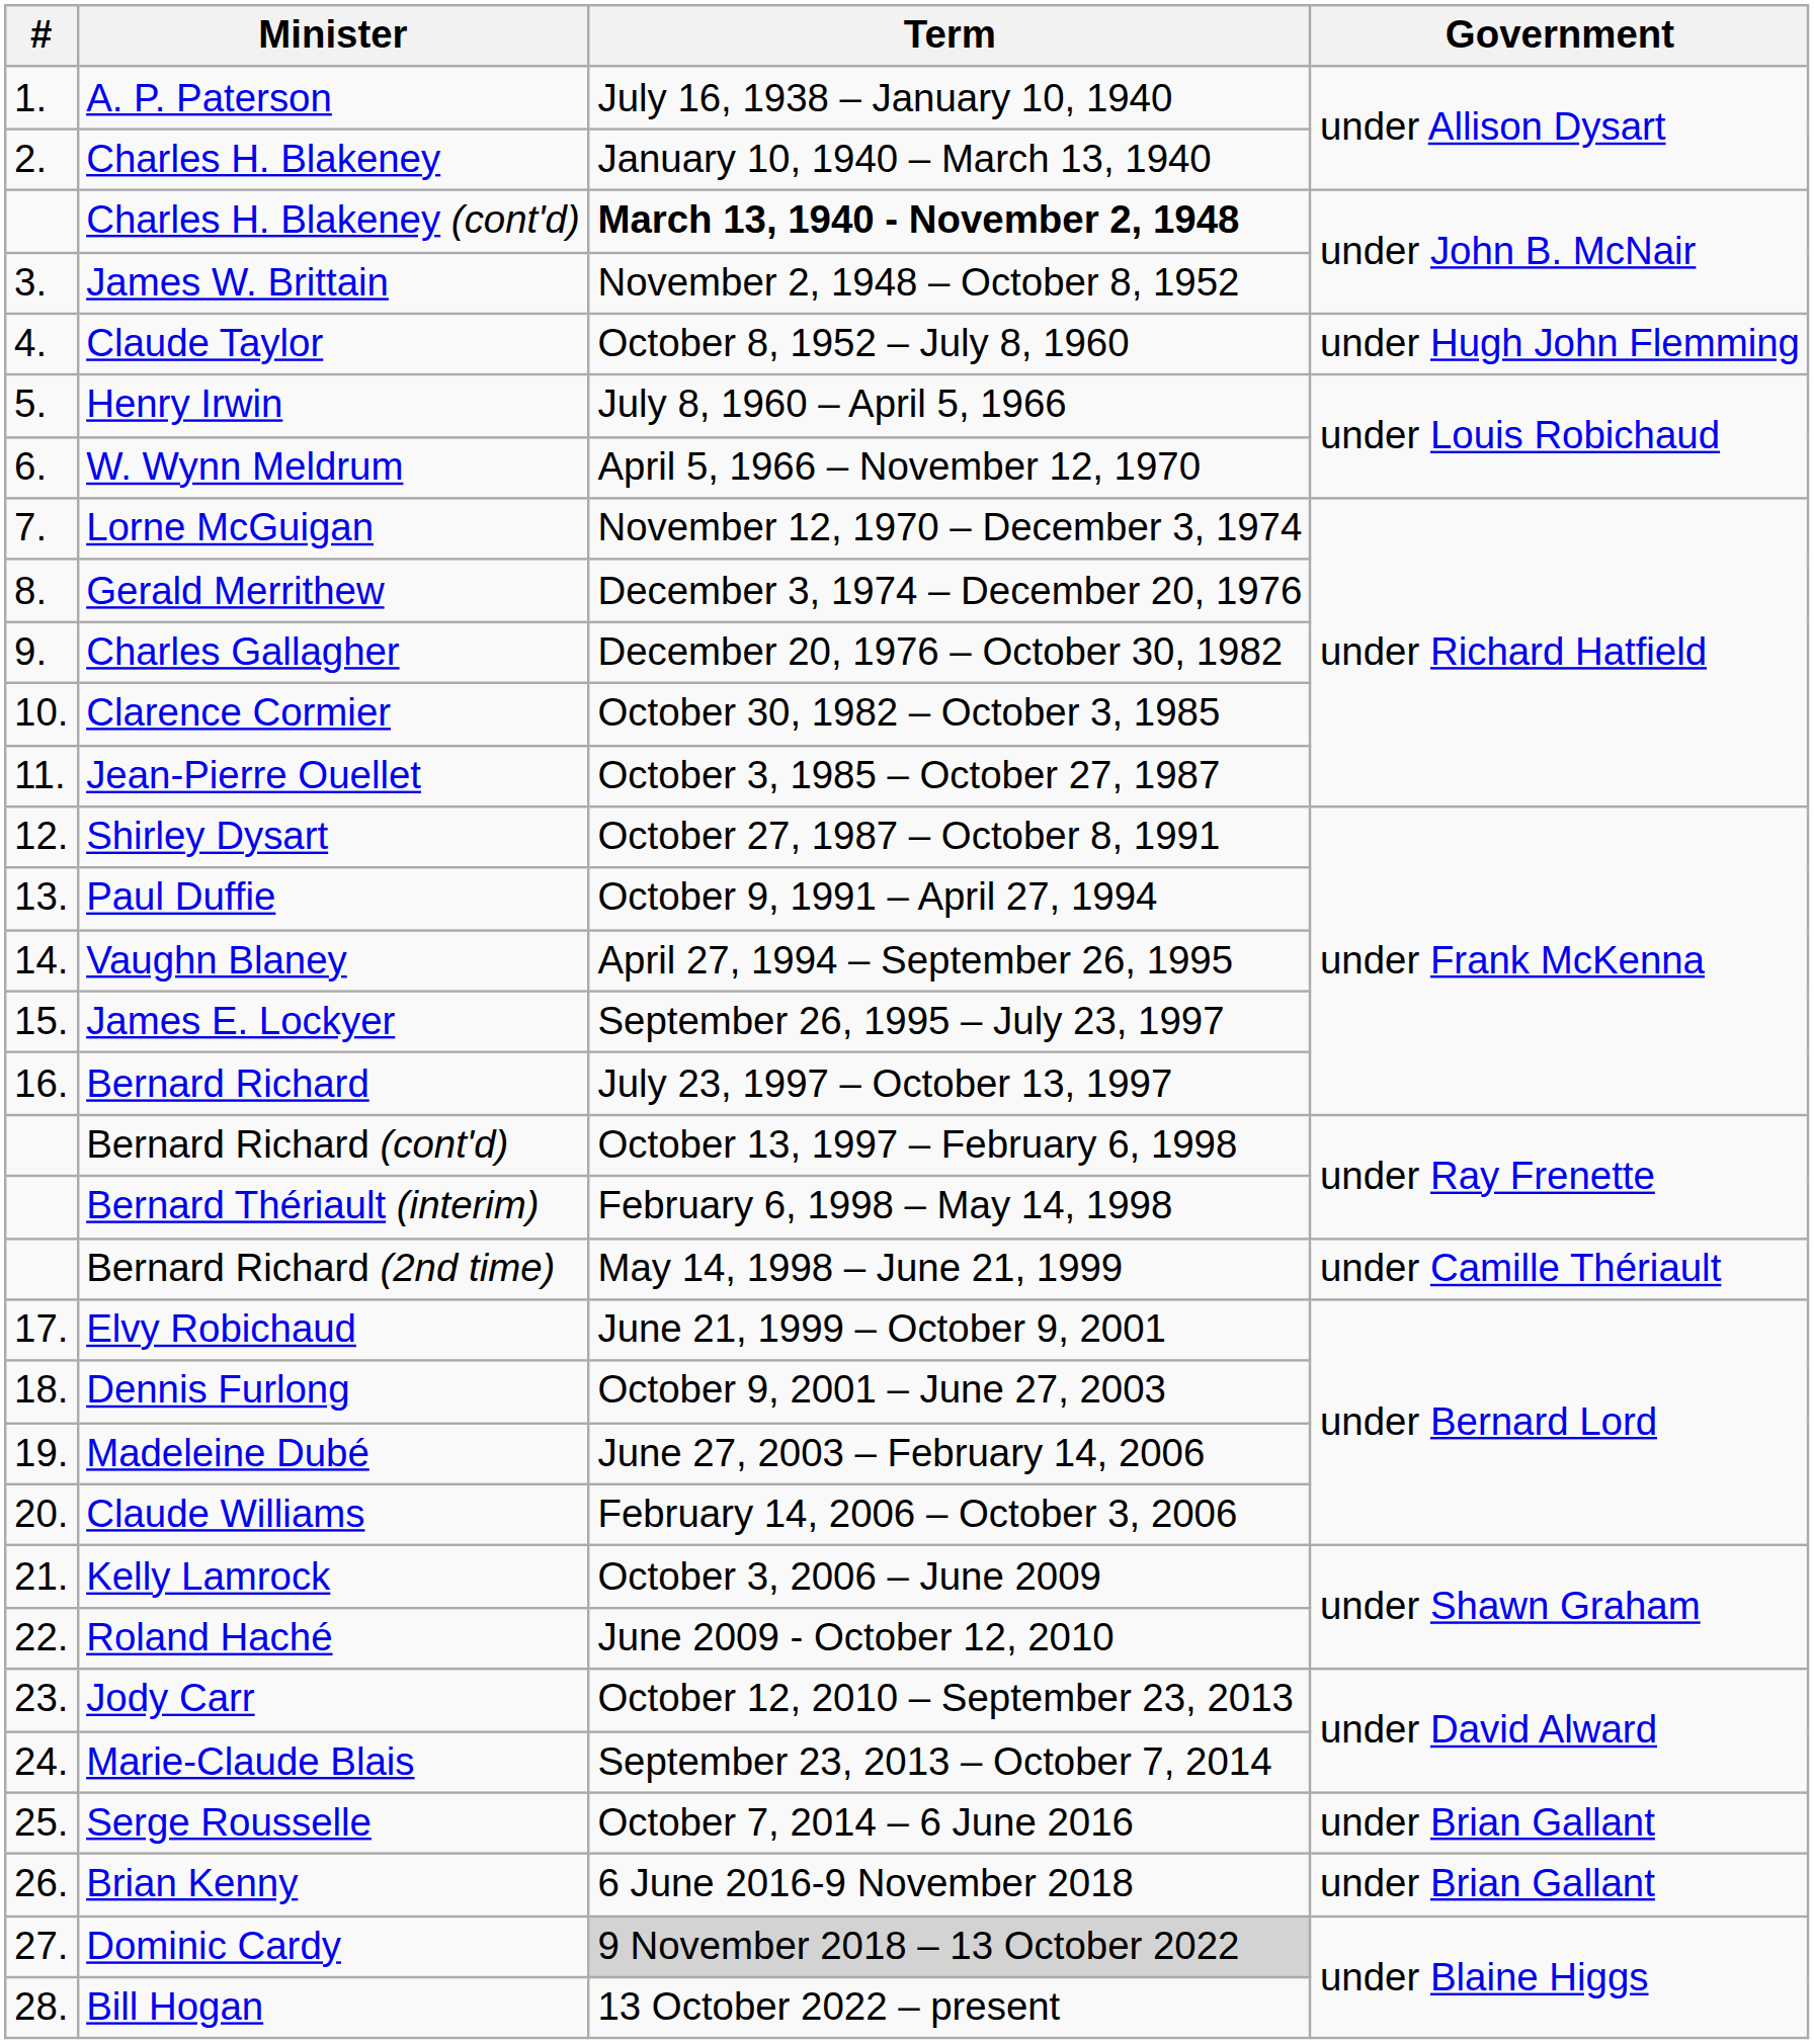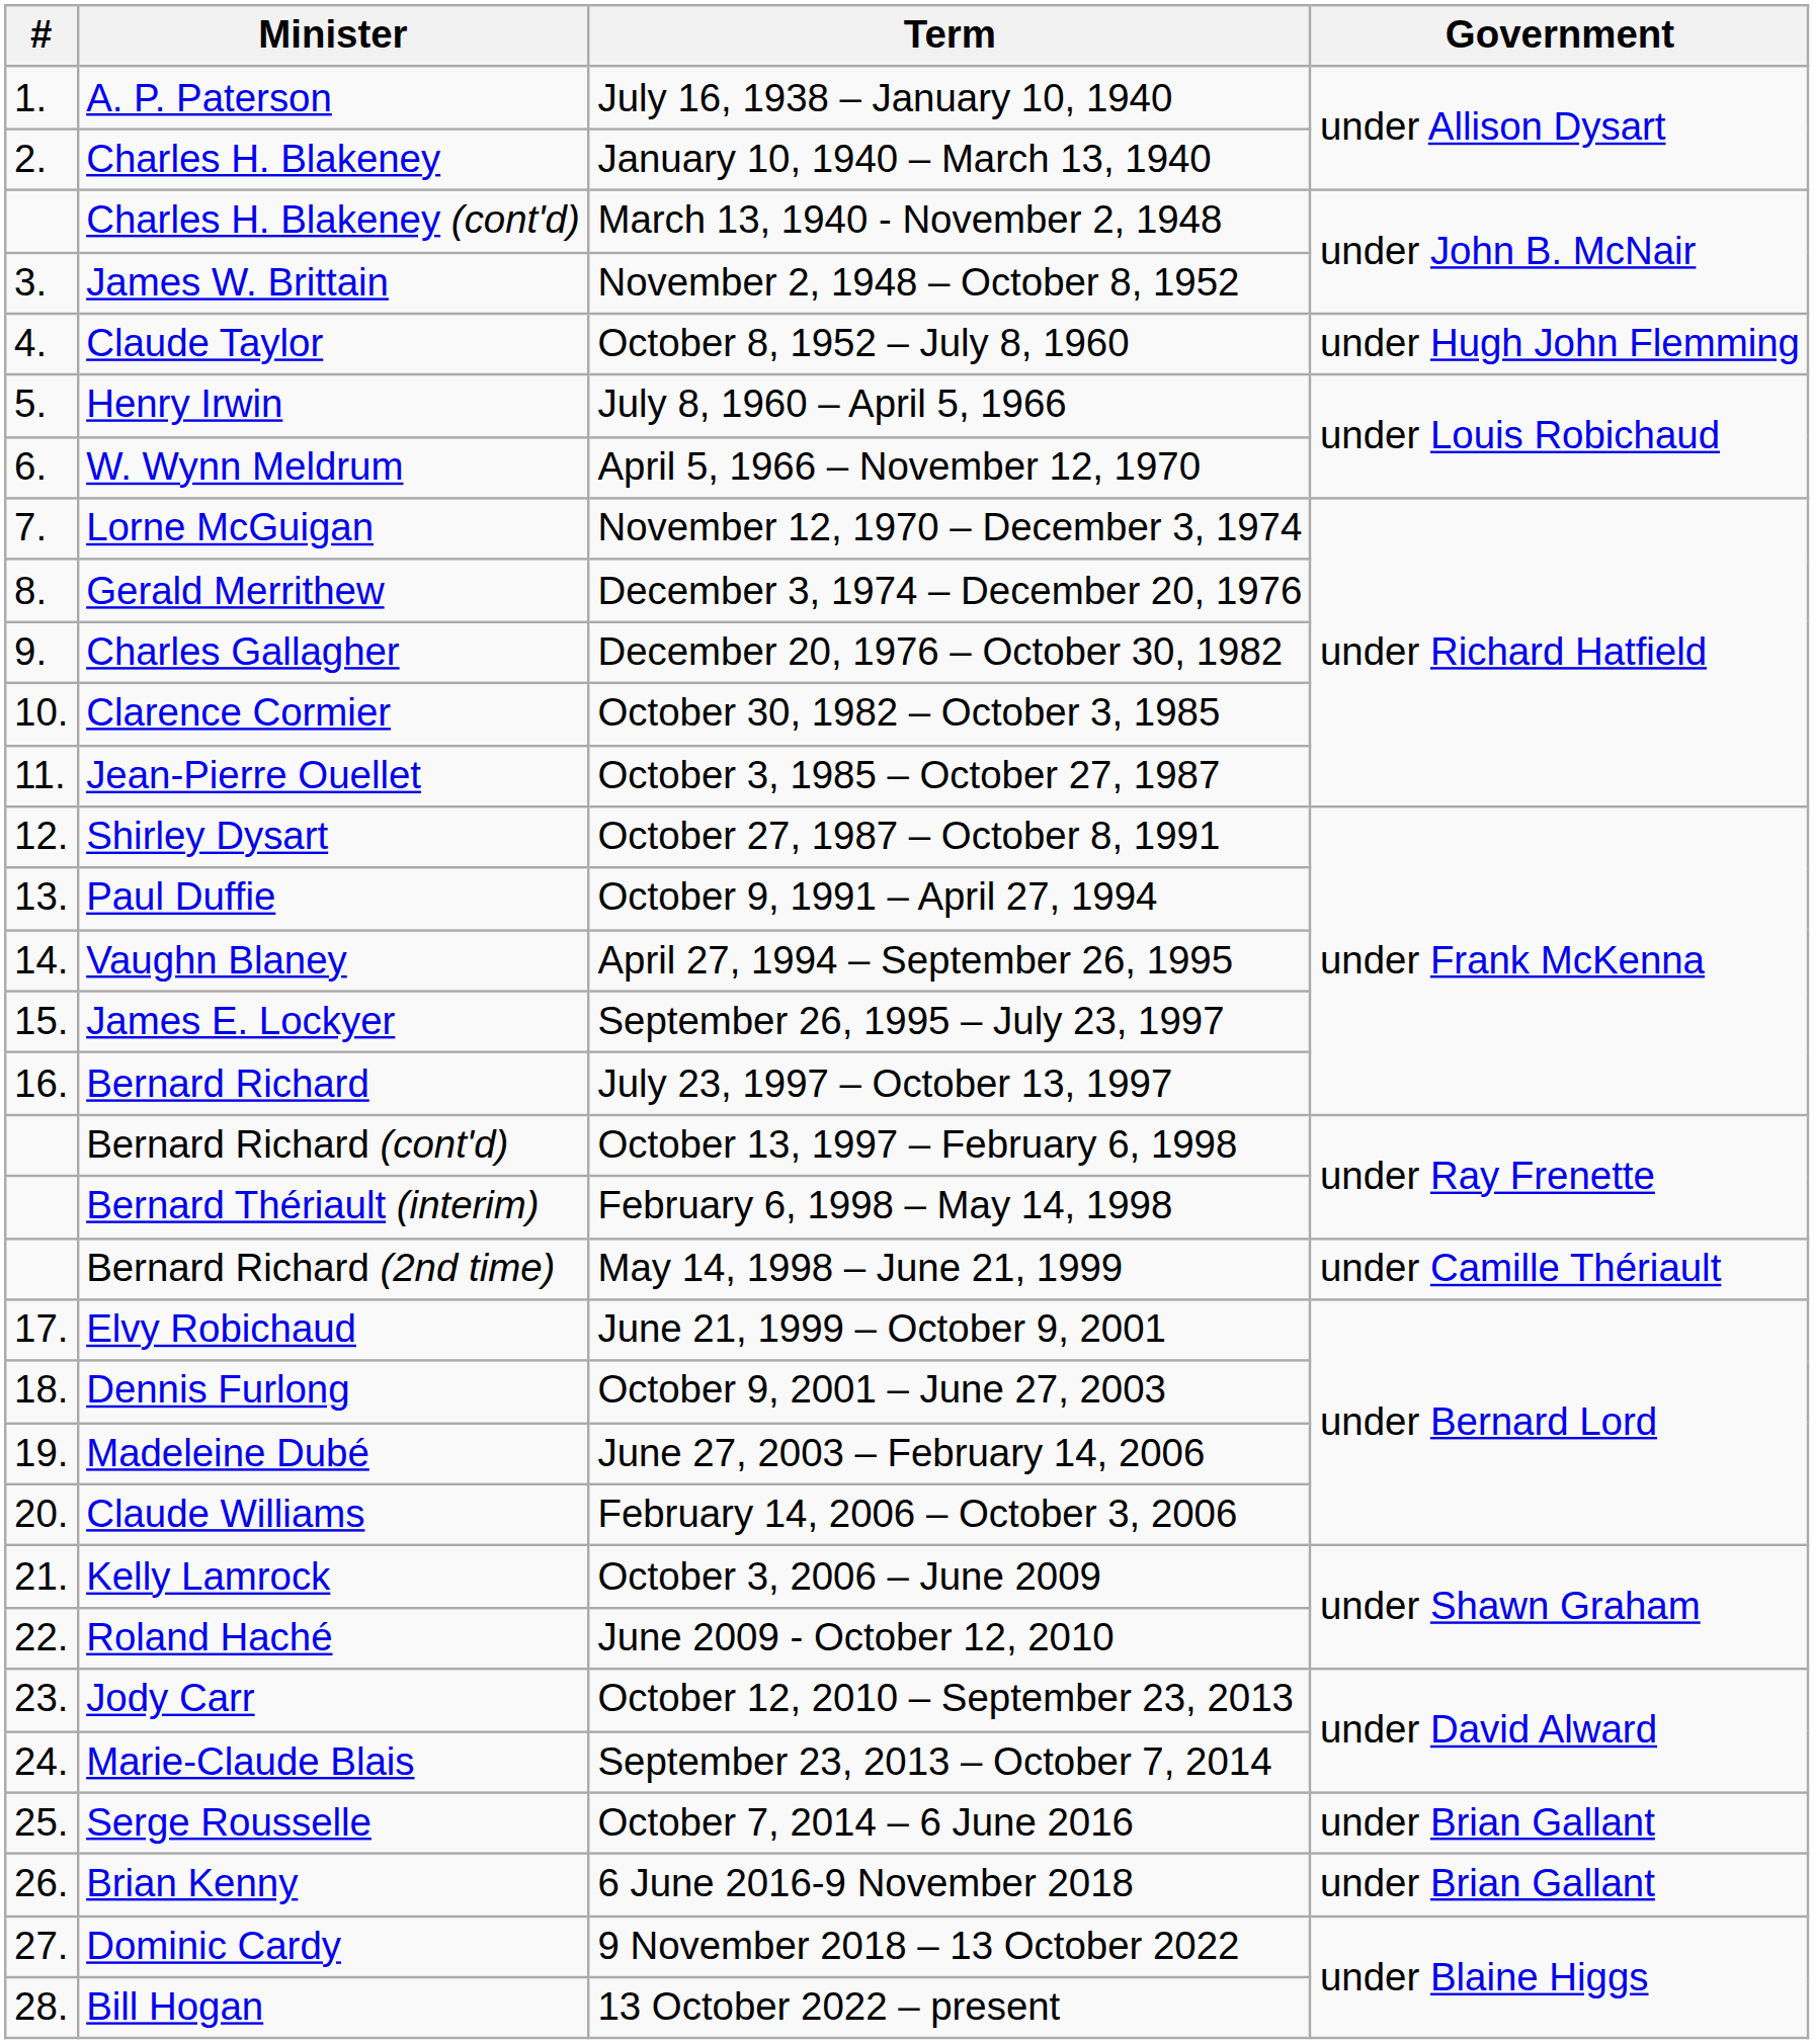 <table class="wikitable">
 <tr>
 <th>#</th>
 <th>Minister</th>
 <th>Term</th>
 <th>Government</th>
 </tr>
 <tr>
 <td>1.</td>
 <td><a href='#'>A. P. Paterson</a></td>
 <td>July 16, 1938 – January 10, 1940</td>
 <td rowspan=2>under <a href='#'>Allison Dysart</a></td>
 </tr>
 <tr>
 <td>2.</td>
 <td><a href='#'>Charles H. Blakeney</a></td>
 <td>January 10, 1940 – March 13, 1940</td>
 </tr>
 <tr>
 <td></td>
 <td><a href='#'>Charles H. Blakeney</a> <em>(cont'd)</em></td>
-<td><strong>March 13, 1940 - November 2, 1948</strong></td>
+<td>March 13, 1940 - November 2, 1948</td>
 <td rowspan=2>under <a href='#'>John B. McNair</a></td>
 </tr>
 <tr>
 <td>3.</td>
 <td><a href='#'>James W. Brittain</a></td>
 <td>November 2, 1948 – October 8, 1952</td>
 </tr>
 <tr>
 <td>4.</td>
 <td><a href='#'>Claude Taylor</a></td>
 <td>October 8, 1952 – July 8, 1960</td>
 <td>under <a href='#'>Hugh John Flemming</a></td>
 </tr>
 <tr>
 <td>5.</td>
 <td><a href='#'>Henry Irwin</a></td>
 <td>July 8, 1960 – April 5, 1966</td>
 <td rowspan=2>under <a href='#'>Louis Robichaud</a></td>
 </tr>
 <tr>
 <td>6.</td>
 <td><a href='#'>W. Wynn Meldrum</a></td>
 <td>April 5, 1966 – November 12, 1970</td>
 </tr>
 <tr>
 <td>7.</td>
 <td><a href='#'>Lorne McGuigan</a></td>
 <td>November 12, 1970 – December 3, 1974</td>
 <td rowspan=5>under <a href='#'>Richard Hatfield</a></td>
 </tr>
 <tr>
 <td>8.</td>
 <td><a href='#'>Gerald Merrithew</a></td>
 <td>December 3, 1974 – December 20, 1976</td>
 </tr>
 <tr>
 <td>9.</td>
 <td><a href='#'>Charles Gallagher</a></td>
 <td>December 20, 1976 – October 30, 1982</td>
 </tr>
 <tr>
 <td>10.</td>
 <td><a href='#'>Clarence Cormier</a></td>
 <td>October 30, 1982 – October 3, 1985</td>
 </tr>
 <tr>
 <td>11.</td>
 <td><a href='#'>Jean-Pierre Ouellet</a></td>
 <td>October 3, 1985 – October 27, 1987</td>
 </tr>
 <tr>
 <td>12.</td>
 <td><a href='#'>Shirley Dysart</a></td>
 <td>October 27, 1987 – October 8, 1991</td>
 <td rowspan=5>under <a href='#'>Frank McKenna</a></td>
 </tr>
 <tr>
 <td>13.</td>
 <td><a href='#'>Paul Duffie</a></td>
 <td>October 9, 1991 – April 27, 1994</td>
 </tr>
 <tr>
 <td>14.</td>
 <td><a href='#'>Vaughn Blaney</a></td>
 <td>April 27, 1994 – September 26, 1995</td>
 </tr>
 <tr>
 <td>15.</td>
 <td><a href='#'>James E. Lockyer</a></td>
 <td>September 26, 1995 – July 23, 1997</td>
 </tr>
 <tr>
 <td>16.</td>
 <td><a href='#'>Bernard Richard</a></td>
 <td>July 23, 1997 – October 13, 1997</td>
 </tr>
 <tr>
 <td></td>
 <td>Bernard Richard <em>(cont'd)</em></td>
 <td>October 13, 1997 – February 6, 1998</td>
 <td rowspan=2>under <a href='#'>Ray Frenette</a></td>
 </tr>
 <tr>
 <td></td>
 <td><a href='#'>Bernard Thériault</a> <em>(interim)</em></td>
 <td>February 6, 1998 – May 14, 1998</td>
 </tr>
 <tr>
 <td></td>
 <td>Bernard Richard <em>(2nd time)</em></td>
 <td>May 14, 1998 – June 21, 1999</td>
 <td>under <a href='#'>Camille Thériault</a></td>
 </tr>
 <tr>
 <td>17.</td>
 <td><a href='#'>Elvy Robichaud</a></td>
 <td>June 21, 1999 – October 9, 2001</td>
 <td rowspan=4>under <a href='#'>Bernard Lord</a></td>
 </tr>
 <tr>
 <td>18.</td>
 <td><a href='#'>Dennis Furlong</a></td>
 <td>October 9, 2001 – June 27, 2003</td>
 </tr>
 <tr>
 <td>19.</td>
 <td><a href='#'>Madeleine Dubé</a></td>
 <td>June 27, 2003 – February 14, 2006</td>
 </tr>
 <tr>
 <td>20.</td>
 <td><a href='#'>Claude Williams</a></td>
 <td>February 14, 2006 – October 3, 2006</td>
 </tr>
 <tr>
 <td>21.</td>
 <td><a href='#'>Kelly Lamrock</a></td>
 <td>October 3, 2006 – June 2009</td>
 <td rowspan=2>under <a href='#'>Shawn Graham</a></td>
 </tr>
 <tr>
 <td>22.</td>
 <td><a href='#'>Roland Haché</a></td>
 <td>June 2009 - October 12, 2010</td>
 </tr>
 <tr>
 <td>23.</td>
 <td><a href='#'>Jody Carr</a></td>
 <td>October 12, 2010 – September 23, 2013</td>
 <td rowspan=2>under <a href='#'>David Alward</a></td>
 </tr>
 <tr>
 <td>24.</td>
 <td><a href='#'>Marie-Claude Blais</a></td>
 <td>September 23, 2013 – October 7, 2014</td>
 </tr>
 <tr>
 <td>25.</td>
 <td><a href='#'>Serge Rousselle</a></td>
 <td>October 7, 2014 – 6 June 2016</td>
 <td>under <a href='#'>Brian Gallant</a></td>
 </tr>
 <tr>
 <td>26.</td>
 <td><a href='#'>Brian Kenny</a></td>
 <td>6 June 2016-9 November 2018</td>
 <td>under <a href='#'>Brian Gallant</a></td>
 </tr>
 <tr>
 <td>27.</td>
 <td><a href='#'>Dominic Cardy</a></td>
-<td style="background: lightgrey;">9 November 2018 – 13 October 2022</td>
+<td>9 November 2018 – 13 October 2022</td>
 <td rowspan=2>under <a href='#'>Blaine Higgs</a></td>
 </tr>
 <tr>
 <td>28.</td>
 <td><a href='#'>Bill Hogan</a></td>
 <td>13 October 2022 – present</td>
 </tr>
 </table>
